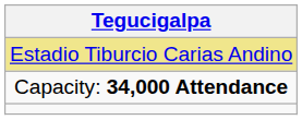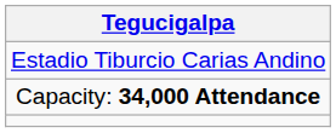 <table class="wikitable" style="text-align:center">
 <tr>
 <th><a href='#'>Tegucigalpa</a></th>
 </tr>
 <tr>
-<td style="background: khaki;"><a href='#'>Estadio Tiburcio Carias Andino</a></td>
+<td><a href='#'>Estadio Tiburcio Carias Andino</a></td>
 </tr>
 <tr>
 <td>Capacity: <strong>34,000 Attendance</strong></td>
 </tr>
 <tr>
 <td></td>
 </tr>
 </table>
